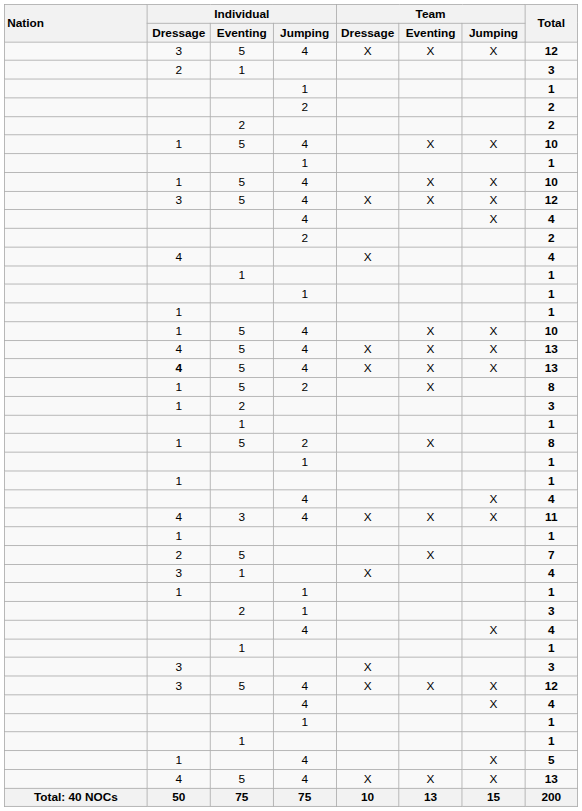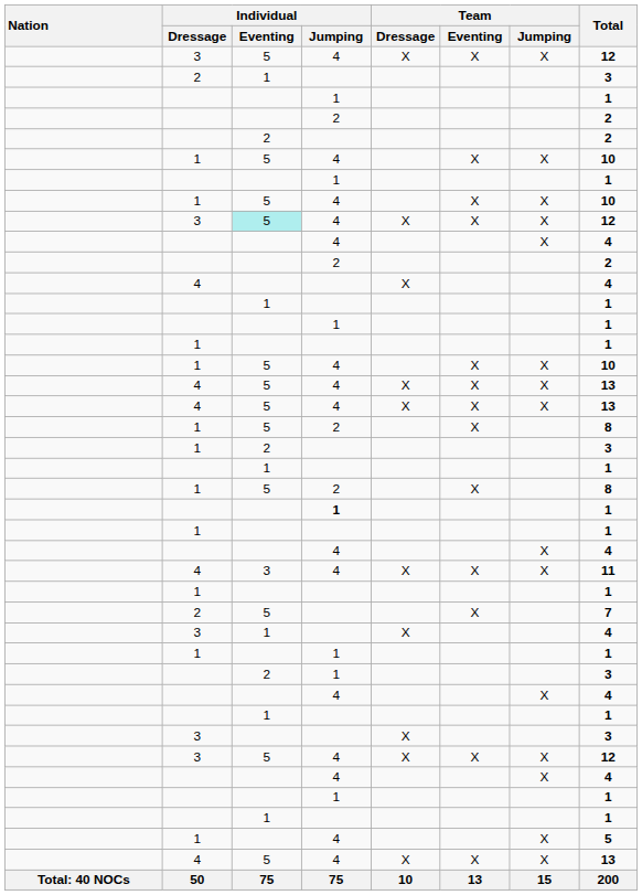 <table class="wikitable" width=700 style="text-align:center; font-size:90%">
 <tr>
 <th rowspan="2" style="text-align:left;">Nation</th>
 <th colspan="3">Individual</th>
 <th colspan="3">Team</th>
 <th rowspan="2">Total</th>
 </tr>
 <tr>
 <th width=70>Dressage</th>
 <th width=70>Eventing</th>
 <th width=70>Jumping</th>
 <th width=70>Dressage</th>
 <th width=70>Eventing</th>
 <th width=70>Jumping</th>
 </tr>
 <tr>
 <td style="text-align:left;"></td>
 <td>3</td>
 <td>5</td>
 <td>4</td>
 <td>X</td>
 <td>X</td>
 <td>X</td>
 <td><strong>12</strong></td>
 </tr>
 <tr>
 <td style="text-align:left;"></td>
 <td>2</td>
 <td>1</td>
 <td></td>
 <td></td>
 <td></td>
 <td></td>
 <td><strong>3</strong></td>
 </tr>
 <tr>
 <td style="text-align:left;"></td>
 <td></td>
 <td></td>
 <td>1</td>
 <td></td>
 <td></td>
 <td></td>
 <td><strong>1</strong></td>
 </tr>
 <tr>
 <td style="text-align:left;"></td>
 <td></td>
 <td></td>
 <td>2</td>
 <td></td>
 <td></td>
 <td></td>
 <td><strong>2</strong></td>
 </tr>
 <tr>
 <td style="text-align:left;"></td>
 <td></td>
 <td>2</td>
 <td></td>
 <td></td>
 <td></td>
 <td></td>
 <td><strong>2</strong></td>
 </tr>
 <tr>
 <td style="text-align:left;"></td>
 <td>1</td>
 <td>5</td>
 <td>4</td>
 <td></td>
 <td>X</td>
 <td>X</td>
 <td><strong>10</strong></td>
 </tr>
 <tr>
 <td style="text-align:left;"></td>
 <td></td>
 <td></td>
 <td>1</td>
 <td></td>
 <td></td>
 <td></td>
 <td><strong>1</strong></td>
 </tr>
 <tr>
 <td style="text-align:left;"></td>
 <td>1</td>
 <td>5</td>
 <td>4</td>
 <td></td>
 <td>X</td>
 <td>X</td>
 <td><strong>10</strong></td>
 </tr>
 <tr>
 <td style="text-align:left;"></td>
 <td>3</td>
-<td>5</td>
+<td style="background: paleturquoise;">5</td>
 <td>4</td>
 <td>X</td>
 <td>X</td>
 <td>X</td>
 <td><strong>12</strong></td>
 </tr>
 <tr>
 <td style="text-align:left;"></td>
 <td></td>
 <td></td>
 <td>4</td>
 <td></td>
 <td></td>
 <td>X</td>
 <td><strong>4</strong></td>
 </tr>
 <tr>
 <td style="text-align:left;"></td>
 <td></td>
 <td></td>
 <td>2</td>
 <td></td>
 <td></td>
 <td></td>
 <td><strong>2</strong></td>
 </tr>
 <tr>
 <td style="text-align:left;"></td>
 <td>4</td>
 <td></td>
 <td></td>
 <td>X</td>
 <td></td>
 <td></td>
 <td><strong>4</strong></td>
 </tr>
 <tr>
 <td style="text-align:left;"></td>
 <td></td>
 <td>1</td>
 <td></td>
 <td></td>
 <td></td>
 <td></td>
 <td><strong>1</strong></td>
 </tr>
 <tr>
 <td style="text-align:left;"></td>
 <td></td>
 <td></td>
 <td>1</td>
 <td></td>
 <td></td>
 <td></td>
 <td><strong>1</strong></td>
 </tr>
 <tr>
 <td style="text-align:left;"></td>
 <td>1</td>
 <td></td>
 <td></td>
 <td></td>
 <td></td>
 <td></td>
 <td><strong>1</strong></td>
 </tr>
 <tr>
 <td style="text-align:left;"></td>
 <td>1</td>
 <td>5</td>
 <td>4</td>
 <td></td>
 <td>X</td>
 <td>X</td>
 <td><strong>10</strong></td>
 </tr>
 <tr>
 <td style="text-align:left;"></td>
 <td>4</td>
 <td>5</td>
 <td>4</td>
 <td>X</td>
 <td>X</td>
 <td>X</td>
 <td><strong>13</strong></td>
 </tr>
 <tr>
 <td style="text-align:left;"></td>
-<td><strong>4</strong></td>
+<td>4</td>
 <td>5</td>
 <td>4</td>
 <td>X</td>
 <td>X</td>
 <td>X</td>
 <td><strong>13</strong></td>
 </tr>
 <tr>
 <td style="text-align:left;"></td>
 <td>1</td>
 <td>5</td>
 <td>2</td>
 <td></td>
 <td>X</td>
 <td></td>
 <td><strong>8</strong></td>
 </tr>
 <tr>
 <td style="text-align:left;"></td>
 <td>1</td>
 <td>2</td>
 <td></td>
 <td></td>
 <td></td>
 <td></td>
 <td><strong>3</strong></td>
 </tr>
 <tr>
 <td style="text-align:left;"></td>
 <td></td>
 <td>1</td>
 <td></td>
 <td></td>
 <td></td>
 <td></td>
 <td><strong>1</strong></td>
 </tr>
 <tr>
 <td style="text-align:left;"></td>
 <td>1</td>
 <td>5</td>
 <td>2</td>
 <td></td>
 <td>X</td>
 <td></td>
 <td><strong>8</strong></td>
 </tr>
 <tr>
 <td style="text-align:left;"></td>
 <td></td>
 <td></td>
-<td>1</td>
+<td><strong>1</strong></td>
 <td></td>
 <td></td>
 <td></td>
 <td><strong>1</strong></td>
 </tr>
 <tr>
 <td style="text-align:left;"></td>
 <td>1</td>
 <td></td>
 <td></td>
 <td></td>
 <td></td>
 <td></td>
 <td><strong>1</strong></td>
 </tr>
 <tr>
 <td style="text-align:left;"></td>
 <td></td>
 <td></td>
 <td>4</td>
 <td></td>
 <td></td>
 <td>X</td>
 <td><strong>4</strong></td>
 </tr>
 <tr>
 <td style="text-align:left;"></td>
 <td>4</td>
 <td>3</td>
 <td>4</td>
 <td>X</td>
 <td>X</td>
 <td>X</td>
 <td><strong>11</strong></td>
 </tr>
 <tr>
 <td style="text-align:left;"></td>
 <td>1</td>
 <td></td>
 <td></td>
 <td></td>
 <td></td>
 <td></td>
 <td><strong>1</strong></td>
 </tr>
 <tr>
 <td style="text-align:left;"></td>
 <td>2</td>
 <td>5</td>
 <td></td>
 <td></td>
 <td>X</td>
 <td></td>
 <td><strong>7</strong></td>
 </tr>
 <tr>
 <td style="text-align:left;"></td>
 <td>3</td>
 <td>1</td>
 <td></td>
 <td>X</td>
 <td></td>
 <td></td>
 <td><strong>4</strong></td>
 </tr>
 <tr>
 <td style="text-align:left;"></td>
 <td>1</td>
 <td></td>
 <td>1</td>
 <td></td>
 <td></td>
 <td></td>
 <td><strong>1</strong></td>
 </tr>
 <tr>
 <td style="text-align:left;"></td>
 <td></td>
 <td>2</td>
 <td>1</td>
 <td></td>
 <td></td>
 <td></td>
 <td><strong>3</strong></td>
 </tr>
 <tr>
 <td style="text-align:left;"></td>
 <td></td>
 <td></td>
 <td>4</td>
 <td></td>
 <td></td>
 <td>X</td>
 <td><strong>4</strong></td>
 </tr>
 <tr>
 <td style="text-align:left;"></td>
 <td></td>
 <td>1</td>
 <td></td>
 <td></td>
 <td></td>
 <td></td>
 <td><strong>1</strong></td>
 </tr>
 <tr>
 <td style="text-align:left;"></td>
 <td>3</td>
 <td></td>
 <td></td>
 <td>X</td>
 <td></td>
 <td></td>
 <td><strong>3</strong></td>
 </tr>
 <tr>
 <td style="text-align:left;"></td>
 <td>3</td>
 <td>5</td>
 <td>4</td>
 <td>X</td>
 <td>X</td>
 <td>X</td>
 <td><strong>12</strong></td>
 </tr>
 <tr>
 <td style="text-align:left;"></td>
 <td></td>
 <td></td>
 <td>4</td>
 <td></td>
 <td></td>
 <td>X</td>
 <td><strong>4</strong></td>
 </tr>
 <tr>
 <td style="text-align:left;"></td>
 <td></td>
 <td></td>
 <td>1</td>
 <td></td>
 <td></td>
 <td></td>
 <td><strong>1</strong></td>
 </tr>
 <tr>
 <td style="text-align:left;"></td>
 <td></td>
 <td>1</td>
 <td></td>
 <td></td>
 <td></td>
 <td></td>
 <td><strong>1</strong></td>
 </tr>
 <tr>
 <td style="text-align:left;"></td>
 <td>1</td>
 <td></td>
 <td>4</td>
 <td></td>
 <td></td>
 <td>X</td>
 <td><strong>5</strong></td>
 </tr>
 <tr>
 <td style="text-align:left;"></td>
 <td>4</td>
 <td>5</td>
 <td>4</td>
 <td>X</td>
 <td>X</td>
 <td>X</td>
 <td><strong>13</strong></td>
 </tr>
 <tr>
 <th>Total: 40 NOCs</th>
 <th>50</th>
 <th>75</th>
 <th>75</th>
 <th>10</th>
 <th>13</th>
 <th>15</th>
 <th>200</th>
 </tr>
 </table>
